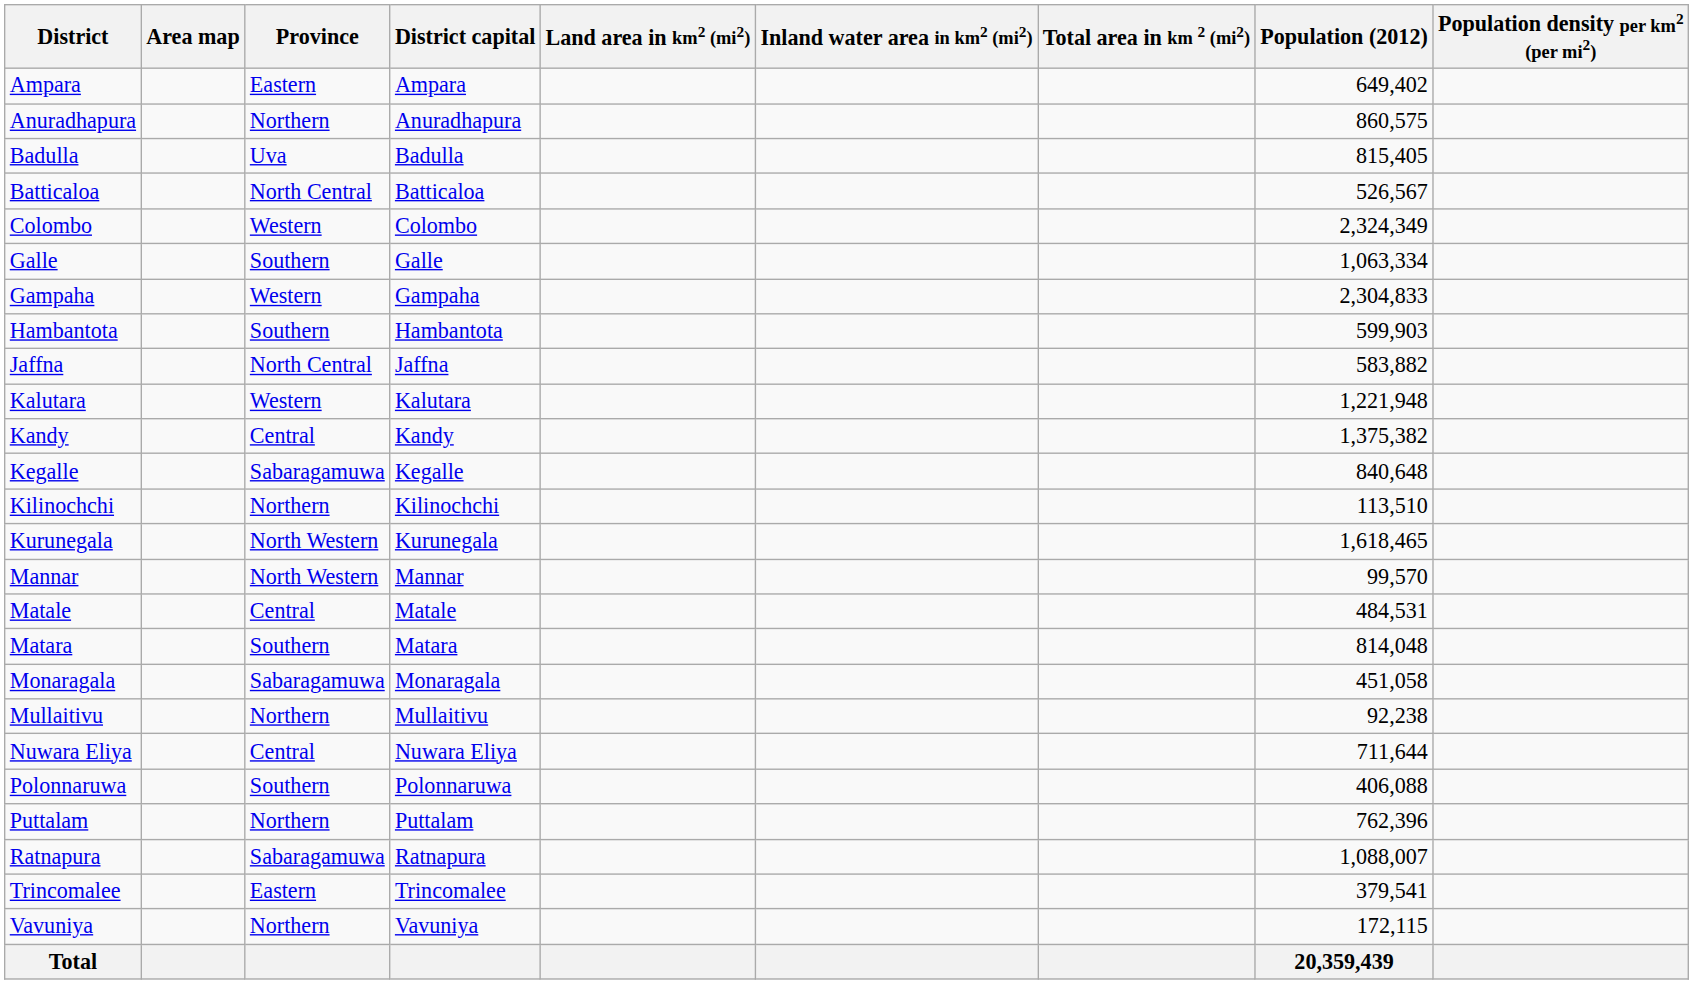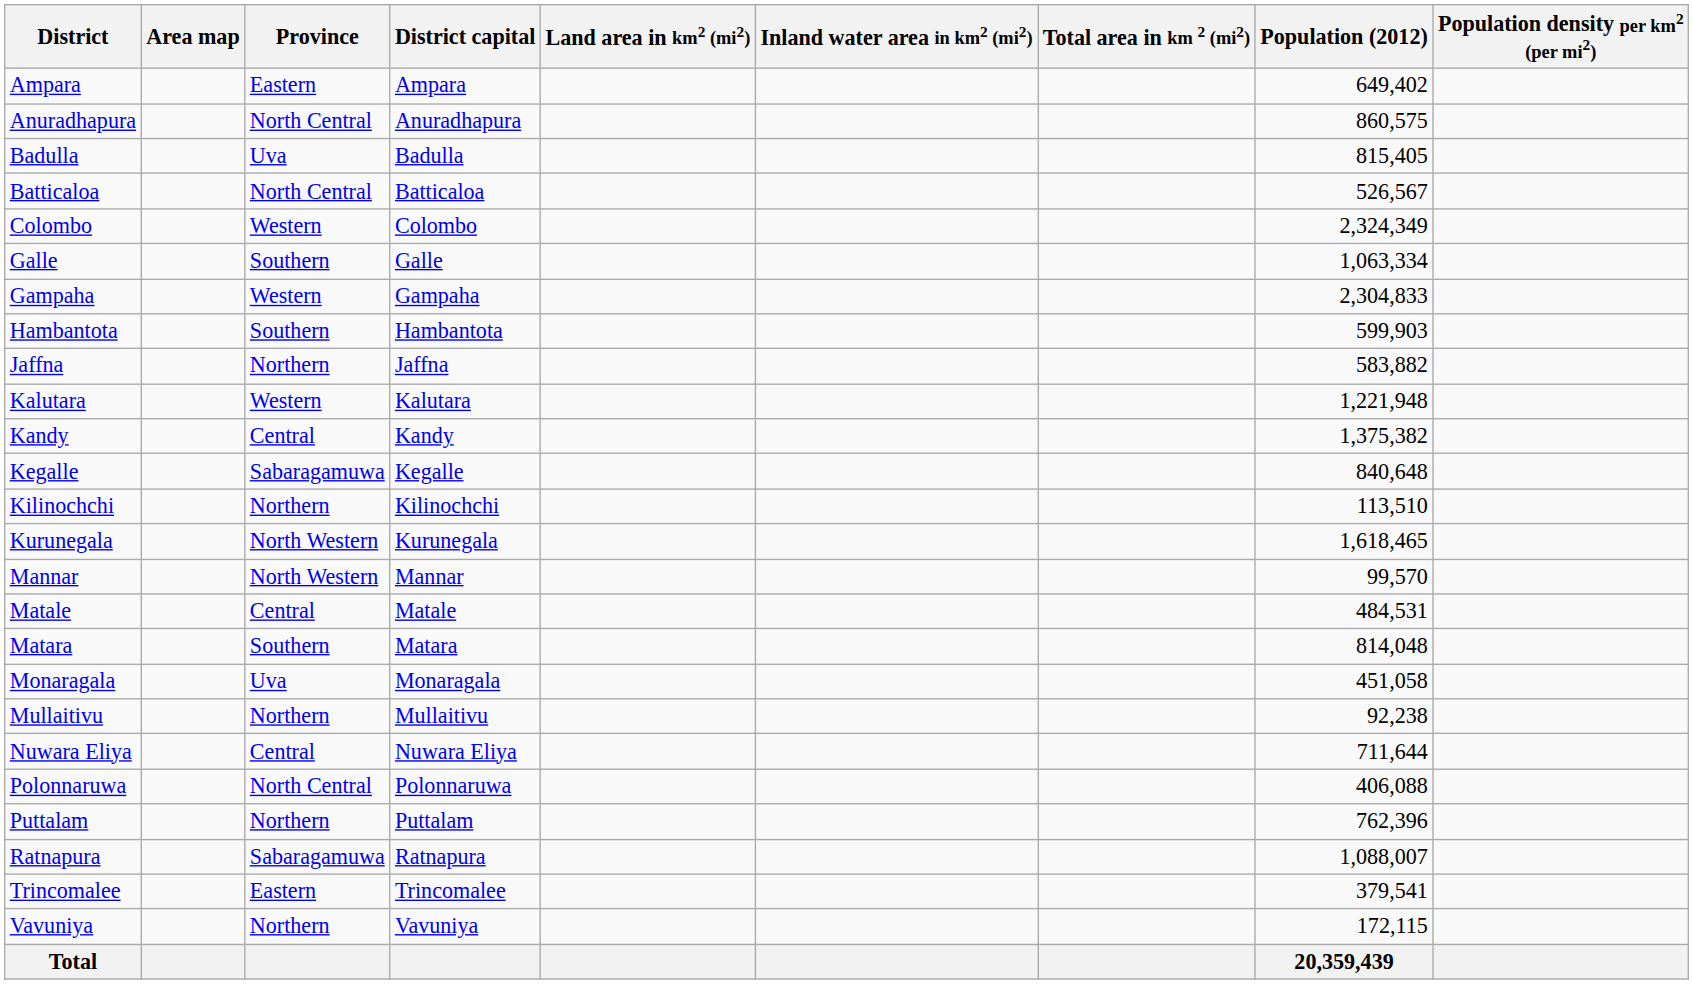 <table class="wikitable sortable static-row-numbers static-row-header-text"  style="text-align:right;">
 <tr>
 <th>District</th>
 <th class="unsortable">Area map</th>
 <th>Province</th>
 <th>District capital</th>
 <th>Land area in <small>km<sup>2</sup> (mi<sup>2</sup>)</small></th>
 <th>Inland water area <small>in km<sup>2</sup> (mi<sup>2</sup>)</small></th>
 <th>Total area in <small>km <sup>2</sup> (mi<sup>2</sup>)</small></th>
 <th>Population (2012)</th>
 <th>Population density <small>per km<sup>2</sup><br>(per mi<sup>2</sup>)</small></th>
 </tr>
 <tr>
 <td align=left><a href='#'>Ampara</a></td>
 <td align=center></td>
 <td align=left> <a href='#'>Eastern</a></td>
 <td align=left><a href='#'>Ampara</a></td>
 <td></td>
 <td></td>
 <td></td>
 <td>649,402</td>
 <td></td>
 </tr>
 <tr>
 <td align=left><a href='#'>Anuradhapura</a></td>
 <td align=center></td>
-<td align=left> <a href='#'>Northern</a></td>
+<td align=left> <a href='#'>North Central</a></td>
 <td align=left><a href='#'>Anuradhapura</a></td>
 <td></td>
 <td></td>
 <td></td>
 <td>860,575</td>
 <td></td>
 </tr>
 <tr>
 <td align=left><a href='#'>Badulla</a></td>
 <td align=center></td>
 <td align=left> <a href='#'>Uva</a></td>
 <td align=left><a href='#'>Badulla</a></td>
 <td></td>
 <td></td>
 <td></td>
 <td>815,405</td>
 <td></td>
 </tr>
 <tr>
 <td align=left><a href='#'>Batticaloa</a></td>
 <td align=center></td>
 <td align=left> <a href='#'>North Central</a></td>
 <td align=left><a href='#'>Batticaloa</a></td>
 <td></td>
 <td></td>
 <td></td>
 <td>526,567</td>
 <td></td>
 </tr>
 <tr>
 <td align=left><a href='#'>Colombo</a></td>
 <td align=center></td>
 <td align=left> <a href='#'>Western</a></td>
 <td align=left><a href='#'>Colombo</a></td>
 <td></td>
 <td></td>
 <td></td>
 <td>2,324,349</td>
 <td></td>
 </tr>
 <tr>
 <td align=left><a href='#'>Galle</a></td>
 <td align=center></td>
 <td align=left> <a href='#'>Southern</a></td>
 <td align=left><a href='#'>Galle</a></td>
 <td></td>
 <td></td>
 <td></td>
 <td>1,063,334</td>
 <td></td>
 </tr>
 <tr>
 <td align=left><a href='#'>Gampaha</a></td>
 <td align=center></td>
 <td align=left> <a href='#'>Western</a></td>
 <td align=left><a href='#'>Gampaha</a></td>
 <td></td>
 <td></td>
 <td></td>
 <td>2,304,833</td>
 <td></td>
 </tr>
 <tr>
 <td align=left><a href='#'>Hambantota</a></td>
 <td align=center></td>
 <td align=left> <a href='#'>Southern</a></td>
 <td align=left><a href='#'>Hambantota</a></td>
 <td></td>
 <td></td>
 <td></td>
 <td>599,903</td>
 <td></td>
 </tr>
 <tr>
 <td align=left><a href='#'>Jaffna</a></td>
 <td align=center></td>
-<td align=left> <a href='#'>North Central</a></td>
+<td align=left> <a href='#'>Northern</a></td>
 <td align=left><a href='#'>Jaffna</a></td>
 <td></td>
 <td></td>
 <td></td>
 <td>583,882</td>
 <td></td>
 </tr>
 <tr>
 <td align=left><a href='#'>Kalutara</a></td>
 <td align=center></td>
 <td align=left> <a href='#'>Western</a></td>
 <td align=left><a href='#'>Kalutara</a></td>
 <td></td>
 <td></td>
 <td></td>
 <td>1,221,948</td>
 <td></td>
 </tr>
 <tr>
 <td align=left><a href='#'>Kandy</a></td>
 <td align=center></td>
 <td align=left> <a href='#'>Central</a></td>
 <td align=left><a href='#'>Kandy</a></td>
 <td></td>
 <td></td>
 <td></td>
 <td>1,375,382</td>
 <td></td>
 </tr>
 <tr>
 <td align=left><a href='#'>Kegalle</a></td>
 <td align=center></td>
 <td align=left> <a href='#'>Sabaragamuwa</a></td>
 <td align=left><a href='#'>Kegalle</a></td>
 <td></td>
 <td></td>
 <td></td>
 <td>840,648</td>
 <td></td>
 </tr>
 <tr>
 <td align=left><a href='#'>Kilinochchi</a></td>
 <td align=center></td>
 <td align=left> <a href='#'>Northern</a></td>
 <td align=left><a href='#'>Kilinochchi</a></td>
 <td></td>
 <td></td>
 <td></td>
 <td>113,510</td>
 <td></td>
 </tr>
 <tr>
 <td align=left><a href='#'>Kurunegala</a></td>
 <td align=center></td>
 <td align=left> <a href='#'>North Western</a></td>
 <td align=left><a href='#'>Kurunegala</a></td>
 <td></td>
 <td></td>
 <td></td>
 <td>1,618,465</td>
 <td></td>
 </tr>
 <tr>
 <td align=left><a href='#'>Mannar</a></td>
 <td align=center></td>
 <td align=left> <a href='#'>North Western</a></td>
 <td align=left><a href='#'>Mannar</a></td>
 <td></td>
 <td></td>
 <td></td>
 <td>99,570</td>
 <td></td>
 </tr>
 <tr>
 <td align=left><a href='#'>Matale</a></td>
 <td align=center></td>
 <td align=left> <a href='#'>Central</a></td>
 <td align=left><a href='#'>Matale</a></td>
 <td></td>
 <td></td>
 <td></td>
 <td>484,531</td>
 <td></td>
 </tr>
 <tr>
 <td align=left><a href='#'>Matara</a></td>
 <td align=center></td>
 <td align=left> <a href='#'>Southern</a></td>
 <td align=left><a href='#'>Matara</a></td>
 <td></td>
 <td></td>
 <td></td>
 <td>814,048</td>
 <td></td>
 </tr>
 <tr>
 <td align=left><a href='#'>Monaragala</a></td>
 <td align=center></td>
-<td align=left> <a href='#'>Sabaragamuwa</a></td>
+<td align=left> <a href='#'>Uva</a></td>
 <td align=left><a href='#'>Monaragala</a></td>
 <td></td>
 <td></td>
 <td></td>
 <td>451,058</td>
 <td></td>
 </tr>
 <tr>
 <td align=left><a href='#'>Mullaitivu</a></td>
 <td align=center></td>
 <td align=left> <a href='#'>Northern</a></td>
 <td align=left><a href='#'>Mullaitivu</a></td>
 <td></td>
 <td></td>
 <td></td>
 <td>92,238</td>
 <td></td>
 </tr>
 <tr>
 <td align=left><a href='#'>Nuwara Eliya</a></td>
 <td align=center></td>
 <td align=left> <a href='#'>Central</a></td>
 <td align=left><a href='#'>Nuwara Eliya</a></td>
 <td></td>
 <td></td>
 <td></td>
 <td>711,644</td>
 <td></td>
 </tr>
 <tr>
 <td align=left><a href='#'>Polonnaruwa</a></td>
 <td align=center></td>
-<td align=left> <a href='#'>Southern</a></td>
+<td align=left> <a href='#'>North Central</a></td>
 <td align=left><a href='#'>Polonnaruwa</a></td>
 <td></td>
 <td></td>
 <td></td>
 <td>406,088</td>
 <td></td>
 </tr>
 <tr>
 <td align=left><a href='#'>Puttalam</a></td>
 <td align=center></td>
 <td align=left> <a href='#'>Northern</a></td>
 <td align=left><a href='#'>Puttalam</a></td>
 <td></td>
 <td></td>
 <td></td>
 <td>762,396</td>
 <td></td>
 </tr>
 <tr>
 <td align=left><a href='#'>Ratnapura</a></td>
 <td align=center></td>
 <td align=left> <a href='#'>Sabaragamuwa</a></td>
 <td align=left><a href='#'>Ratnapura</a></td>
 <td></td>
 <td></td>
 <td></td>
 <td>1,088,007</td>
 <td></td>
 </tr>
 <tr>
 <td align=left><a href='#'>Trincomalee</a></td>
 <td align=center></td>
 <td align=left> <a href='#'>Eastern</a></td>
 <td align=left><a href='#'>Trincomalee</a></td>
 <td></td>
 <td></td>
 <td></td>
 <td>379,541</td>
 <td></td>
 </tr>
 <tr>
 <td align=left><a href='#'>Vavuniya</a></td>
 <td align=center></td>
 <td align=left> <a href='#'>Northern</a></td>
 <td align=left><a href='#'>Vavuniya</a></td>
 <td></td>
 <td></td>
 <td></td>
 <td>172,115</td>
 <td></td>
 </tr>
 <tr>
 <th>Total</th>
 <th></th>
 <th></th>
 <th></th>
 <th></th>
 <th></th>
 <th></th>
 <th>20,359,439</th>
 <th></th>
 </tr>
 </table>
